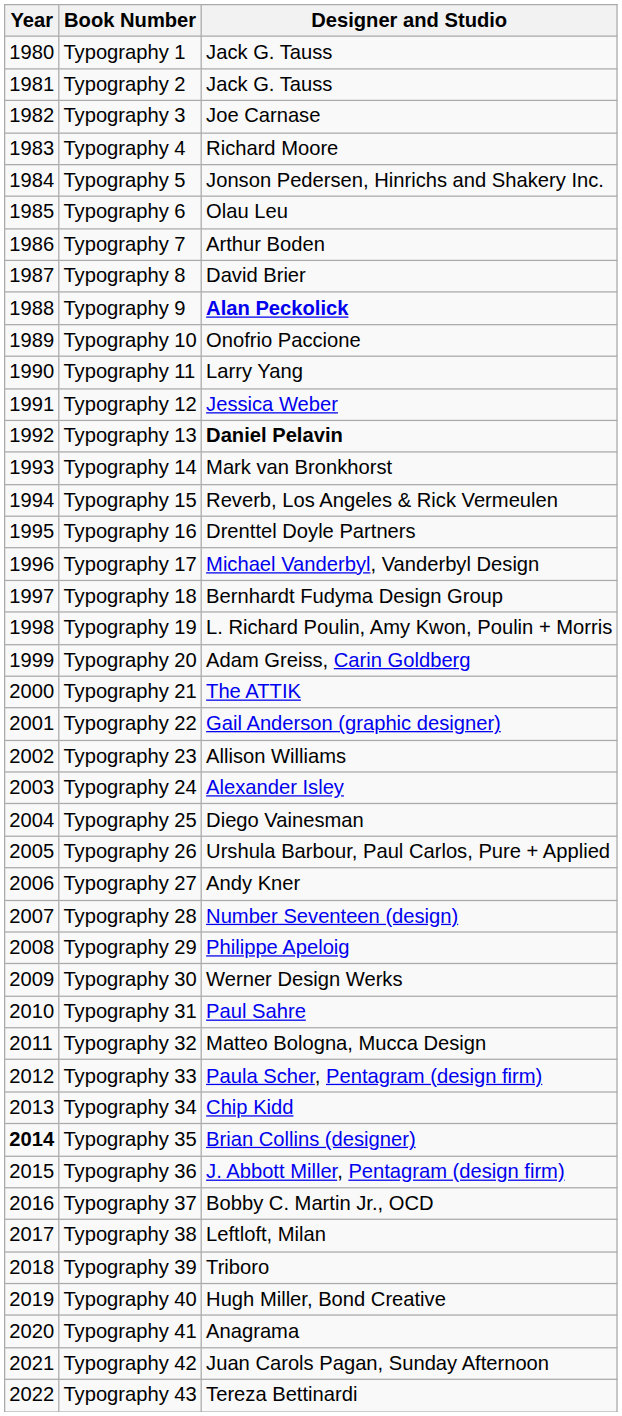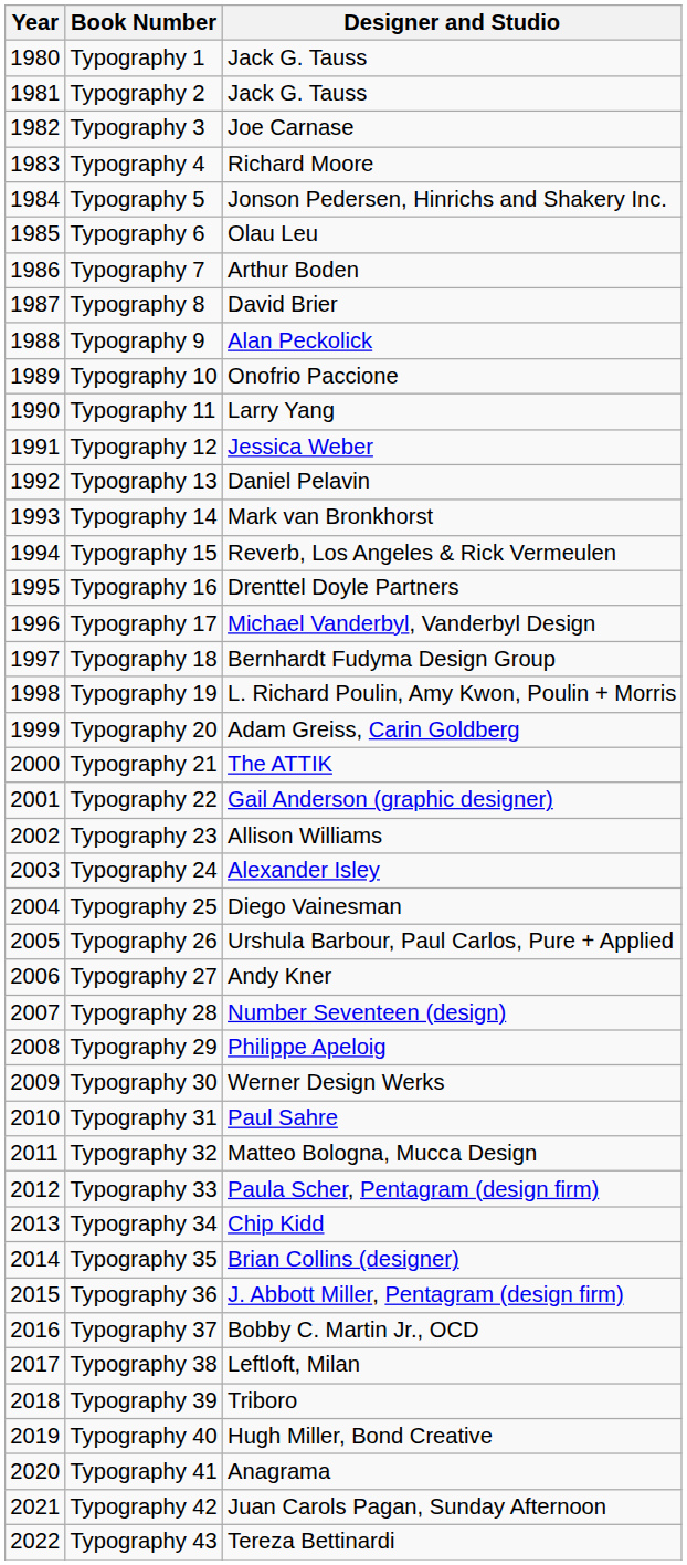 <table class="wikitable sortable" border="1">
 <tr>
 <th scope="col">Year</th>
 <th scope="col">Book Number</th>
 <th scope="col">Designer and Studio</th>
 </tr>
 <tr>
 <td>1980</td>
 <td>Typography 1</td>
 <td>Jack G. Tauss</td>
 </tr>
 <tr>
 <td>1981</td>
 <td>Typography 2</td>
 <td>Jack G. Tauss</td>
 </tr>
 <tr>
 <td>1982</td>
 <td>Typography 3</td>
 <td>Joe Carnase</td>
 </tr>
 <tr>
 <td>1983</td>
 <td>Typography 4</td>
 <td>Richard Moore</td>
 </tr>
 <tr>
 <td>1984</td>
 <td>Typography 5</td>
 <td>Jonson Pedersen, Hinrichs and Shakery Inc.</td>
 </tr>
 <tr>
 <td>1985</td>
 <td>Typography 6</td>
 <td>Olau Leu</td>
 </tr>
 <tr>
 <td>1986</td>
 <td>Typography 7</td>
 <td>Arthur Boden</td>
 </tr>
 <tr>
 <td>1987</td>
 <td>Typography 8</td>
 <td>David Brier</td>
 </tr>
 <tr>
 <td>1988</td>
 <td>Typography 9</td>
-<td><strong><a href='#'>Alan Peckolick</a></strong></td>
+<td><a href='#'>Alan Peckolick</a></td>
 </tr>
 <tr>
 <td>1989</td>
 <td>Typography 10</td>
 <td>Onofrio Paccione</td>
 </tr>
 <tr>
 <td>1990</td>
 <td>Typography 11</td>
 <td>Larry Yang</td>
 </tr>
 <tr>
 <td>1991</td>
 <td>Typography 12</td>
 <td><a href='#'>Jessica Weber</a></td>
 </tr>
 <tr>
 <td>1992</td>
 <td>Typography 13</td>
-<td><strong>Daniel Pelavin</strong></td>
+<td>Daniel Pelavin</td>
 </tr>
 <tr>
 <td>1993</td>
 <td>Typography 14</td>
 <td>Mark van Bronkhorst</td>
 </tr>
 <tr>
 <td>1994</td>
 <td>Typography 15</td>
 <td>Reverb, Los Angeles & Rick Vermeulen</td>
 </tr>
 <tr>
 <td>1995</td>
 <td>Typography 16</td>
 <td>Drenttel Doyle Partners</td>
 </tr>
 <tr>
 <td>1996</td>
 <td>Typography 17</td>
 <td><a href='#'>Michael Vanderbyl</a>, Vanderbyl Design</td>
 </tr>
 <tr>
 <td>1997</td>
 <td>Typography 18</td>
 <td>Bernhardt Fudyma Design Group</td>
 </tr>
 <tr>
 <td>1998</td>
 <td>Typography 19</td>
 <td>L. Richard Poulin, Amy Kwon, Poulin + Morris</td>
 </tr>
 <tr>
 <td>1999</td>
 <td>Typography 20</td>
 <td>Adam Greiss, <a href='#'>Carin Goldberg</a></td>
 </tr>
 <tr>
 <td>2000</td>
 <td>Typography 21</td>
 <td><a href='#'>The ATTIK</a></td>
 </tr>
 <tr>
 <td>2001</td>
 <td>Typography 22</td>
 <td><a href='#'>Gail Anderson (graphic designer)</a></td>
 </tr>
 <tr>
 <td>2002</td>
 <td>Typography 23</td>
 <td>Allison Williams</td>
 </tr>
 <tr>
 <td>2003</td>
 <td>Typography 24</td>
 <td><a href='#'>Alexander Isley</a></td>
 </tr>
 <tr>
 <td>2004</td>
 <td>Typography 25</td>
 <td>Diego Vainesman</td>
 </tr>
 <tr>
 <td>2005</td>
 <td>Typography 26</td>
 <td>Urshula Barbour, Paul Carlos, Pure + Applied</td>
 </tr>
 <tr>
 <td>2006</td>
 <td>Typography 27</td>
 <td>Andy Kner</td>
 </tr>
 <tr>
 <td>2007</td>
 <td>Typography 28</td>
 <td><a href='#'>Number Seventeen (design)</a></td>
 </tr>
 <tr>
 <td>2008</td>
 <td>Typography 29</td>
 <td><a href='#'>Philippe Apeloig</a></td>
 </tr>
 <tr>
 <td>2009</td>
 <td>Typography 30</td>
 <td>Werner Design Werks</td>
 </tr>
 <tr>
 <td>2010</td>
 <td>Typography 31</td>
 <td><a href='#'>Paul Sahre</a></td>
 </tr>
 <tr>
 <td>2011</td>
 <td>Typography 32</td>
 <td>Matteo Bologna, Mucca Design</td>
 </tr>
 <tr>
 <td>2012</td>
 <td>Typography 33</td>
 <td><a href='#'>Paula Scher</a>, <a href='#'>Pentagram (design firm)</a></td>
 </tr>
 <tr>
 <td>2013</td>
 <td>Typography 34</td>
 <td><a href='#'>Chip Kidd</a></td>
 </tr>
 <tr>
-<td><strong>2014</strong></td>
+<td>2014</td>
 <td>Typography 35</td>
 <td><a href='#'>Brian Collins (designer)</a></td>
 </tr>
 <tr>
 <td>2015</td>
 <td>Typography 36</td>
 <td><a href='#'>J. Abbott Miller</a>, <a href='#'>Pentagram (design firm)</a></td>
 </tr>
 <tr>
 <td>2016</td>
 <td>Typography 37</td>
 <td>Bobby C. Martin Jr., OCD</td>
 </tr>
 <tr>
 <td>2017</td>
 <td>Typography 38</td>
 <td>Leftloft, Milan</td>
 </tr>
 <tr>
 <td>2018</td>
 <td>Typography 39</td>
 <td>Triboro</td>
 </tr>
 <tr>
 <td>2019</td>
 <td>Typography 40</td>
 <td>Hugh Miller, Bond Creative</td>
 </tr>
 <tr>
 <td>2020</td>
 <td>Typography 41</td>
 <td>Anagrama</td>
 </tr>
 <tr>
 <td>2021</td>
 <td>Typography 42</td>
 <td>Juan Carols Pagan, Sunday Afternoon</td>
 </tr>
 <tr>
 <td>2022</td>
 <td>Typography 43</td>
 <td>Tereza Bettinardi</td>
 </tr>
 </table>
